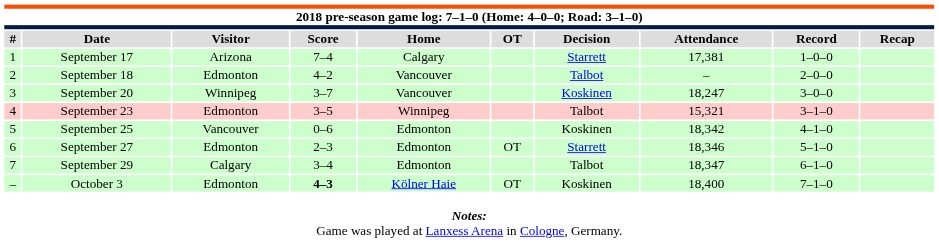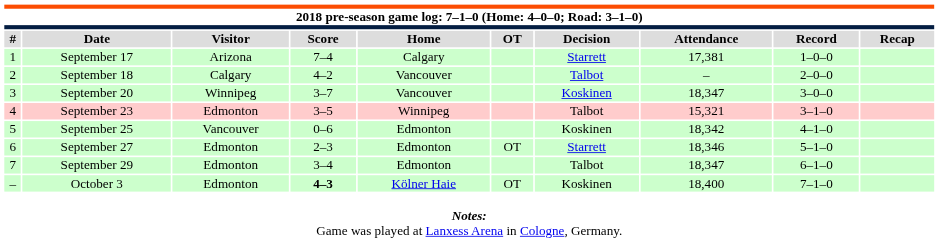 <table class="toccolours collapsible collapsed" style="width:90%; clear:both; margin:1.5em auto; text-align:center;">
 <tr>
 <th colspan="10" style="background:#FFFFFF; border-top:#FC4C02 5px solid; border-bottom:#041E42 5px solid;">2018 pre-season game log: 7–1–0 (Home: 4–0–0; Road: 3–1–0)</th>
 </tr>
 <tr style="background:#ddd;">
 <th>#</th>
 <th>Date</th>
 <th>Visitor</th>
 <th>Score</th>
 <th>Home</th>
 <th>OT</th>
 <th>Decision</th>
 <th>Attendance</th>
 <th>Record</th>
 <th>Recap</th>
 </tr>
 <tr style="background:#cfc;">
 <td>1</td>
 <td>September 17</td>
 <td>Arizona</td>
 <td>7–4</td>
 <td>Calgary</td>
 <td></td>
 <td><a href='#'>Starrett</a></td>
 <td>17,381</td>
 <td>1–0–0</td>
 <td></td>
 </tr>
 <tr style="background:#cfc;">
 <td>2</td>
 <td>September 18</td>
-<td>Edmonton</td>
+<td>Calgary</td>
 <td>4–2</td>
 <td>Vancouver</td>
 <td></td>
 <td><a href='#'>Talbot</a></td>
 <td>–</td>
 <td>2–0–0</td>
 <td></td>
 </tr>
 <tr style="background:#cfc;">
 <td>3</td>
 <td>September 20</td>
 <td>Winnipeg</td>
 <td>3–7</td>
 <td>Vancouver</td>
 <td></td>
 <td><a href='#'>Koskinen</a></td>
-<td>18,247</td>
+<td>18,347</td>
 <td>3–0–0</td>
 <td></td>
 </tr>
 <tr style="background:#fcc;">
 <td>4</td>
 <td>September 23</td>
 <td>Edmonton</td>
 <td>3–5</td>
 <td>Winnipeg</td>
 <td></td>
 <td>Talbot</td>
 <td>15,321</td>
 <td>3–1–0</td>
 <td></td>
 </tr>
 <tr style="background:#cfc;">
 <td>5</td>
 <td>September 25</td>
 <td>Vancouver</td>
 <td>0–6</td>
 <td>Edmonton</td>
 <td></td>
 <td>Koskinen</td>
 <td>18,342</td>
 <td>4–1–0</td>
 <td></td>
 </tr>
 <tr style="background:#cfc;">
 <td>6</td>
 <td>September 27</td>
 <td>Edmonton</td>
 <td>2–3</td>
 <td>Edmonton</td>
 <td>OT</td>
 <td><a href='#'>Starrett</a></td>
 <td>18,346</td>
 <td>5–1–0</td>
 <td></td>
 </tr>
 <tr style="background:#cfc;">
 <td>7</td>
 <td>September 29</td>
-<td>Calgary</td>
+<td>Edmonton</td>
 <td>3–4</td>
 <td>Edmonton</td>
 <td></td>
 <td>Talbot</td>
 <td>18,347</td>
 <td>6–1–0</td>
 <td></td>
 </tr>
 <tr style="background:#cfc;">
 <td>–</td>
 <td>October 3</td>
 <td>Edmonton</td>
 <td><strong>4–3</strong></td>
 <td><a href='#'>Kölner Haie</a></td>
 <td>OT</td>
 <td>Koskinen</td>
 <td>18,400</td>
 <td>7–1–0</td>
 <td></td>
 </tr>
 <tr>
 <td colspan="10" style="text-align:center;"><br><strong><em>Notes:</em></strong><br>  Game was played at <a href='#'>Lanxess Arena</a> in <a href='#'>Cologne</a>, Germany.</td>
 </tr>
 </table>
